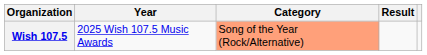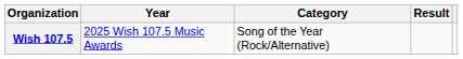 <table class="wikitable sortable plainrowheaders" style="border:none; margin:0;">
 <tr>
 <th scope="col">Organization</th>
 <th scope="col">Year</th>
 <th scope="col">Category</th>
 <th scope="col">Result</th>
 <th scope="col" class="unsortable"></th>
 </tr>
 <tr>
 <th scope="row"><a href='#'>Wish 107.5</a></th>
 <td><a href='#'>2025 Wish 107.5 Music Awards</a></td>
-<td style="background: lightsalmon;">Song of the Year (Rock/Alternative)</td>
+<td>Song of the Year (Rock/Alternative)</td>
 <td></td>
 <td style="text-align:center"></td>
 </tr>
 <tr>
 </tr>
 </table>
